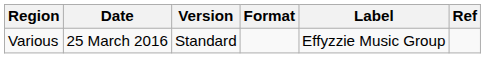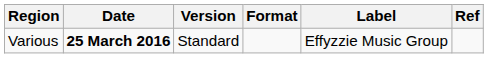 <table class="wikitable">
 <tr>
 <th>Region</th>
 <th>Date</th>
 <th>Version</th>
 <th>Format</th>
 <th>Label</th>
 <th>Ref</th>
 </tr>
 <tr>
 <td>Various</td>
-<td>25 March 2016</td>
+<td><strong>25 March 2016</strong></td>
 <td rowspan="2">Standard</td>
 <td></td>
 <td rowspan="2">Effyzzie Music Group</td>
 <td></td>
 </tr>
 </table>
